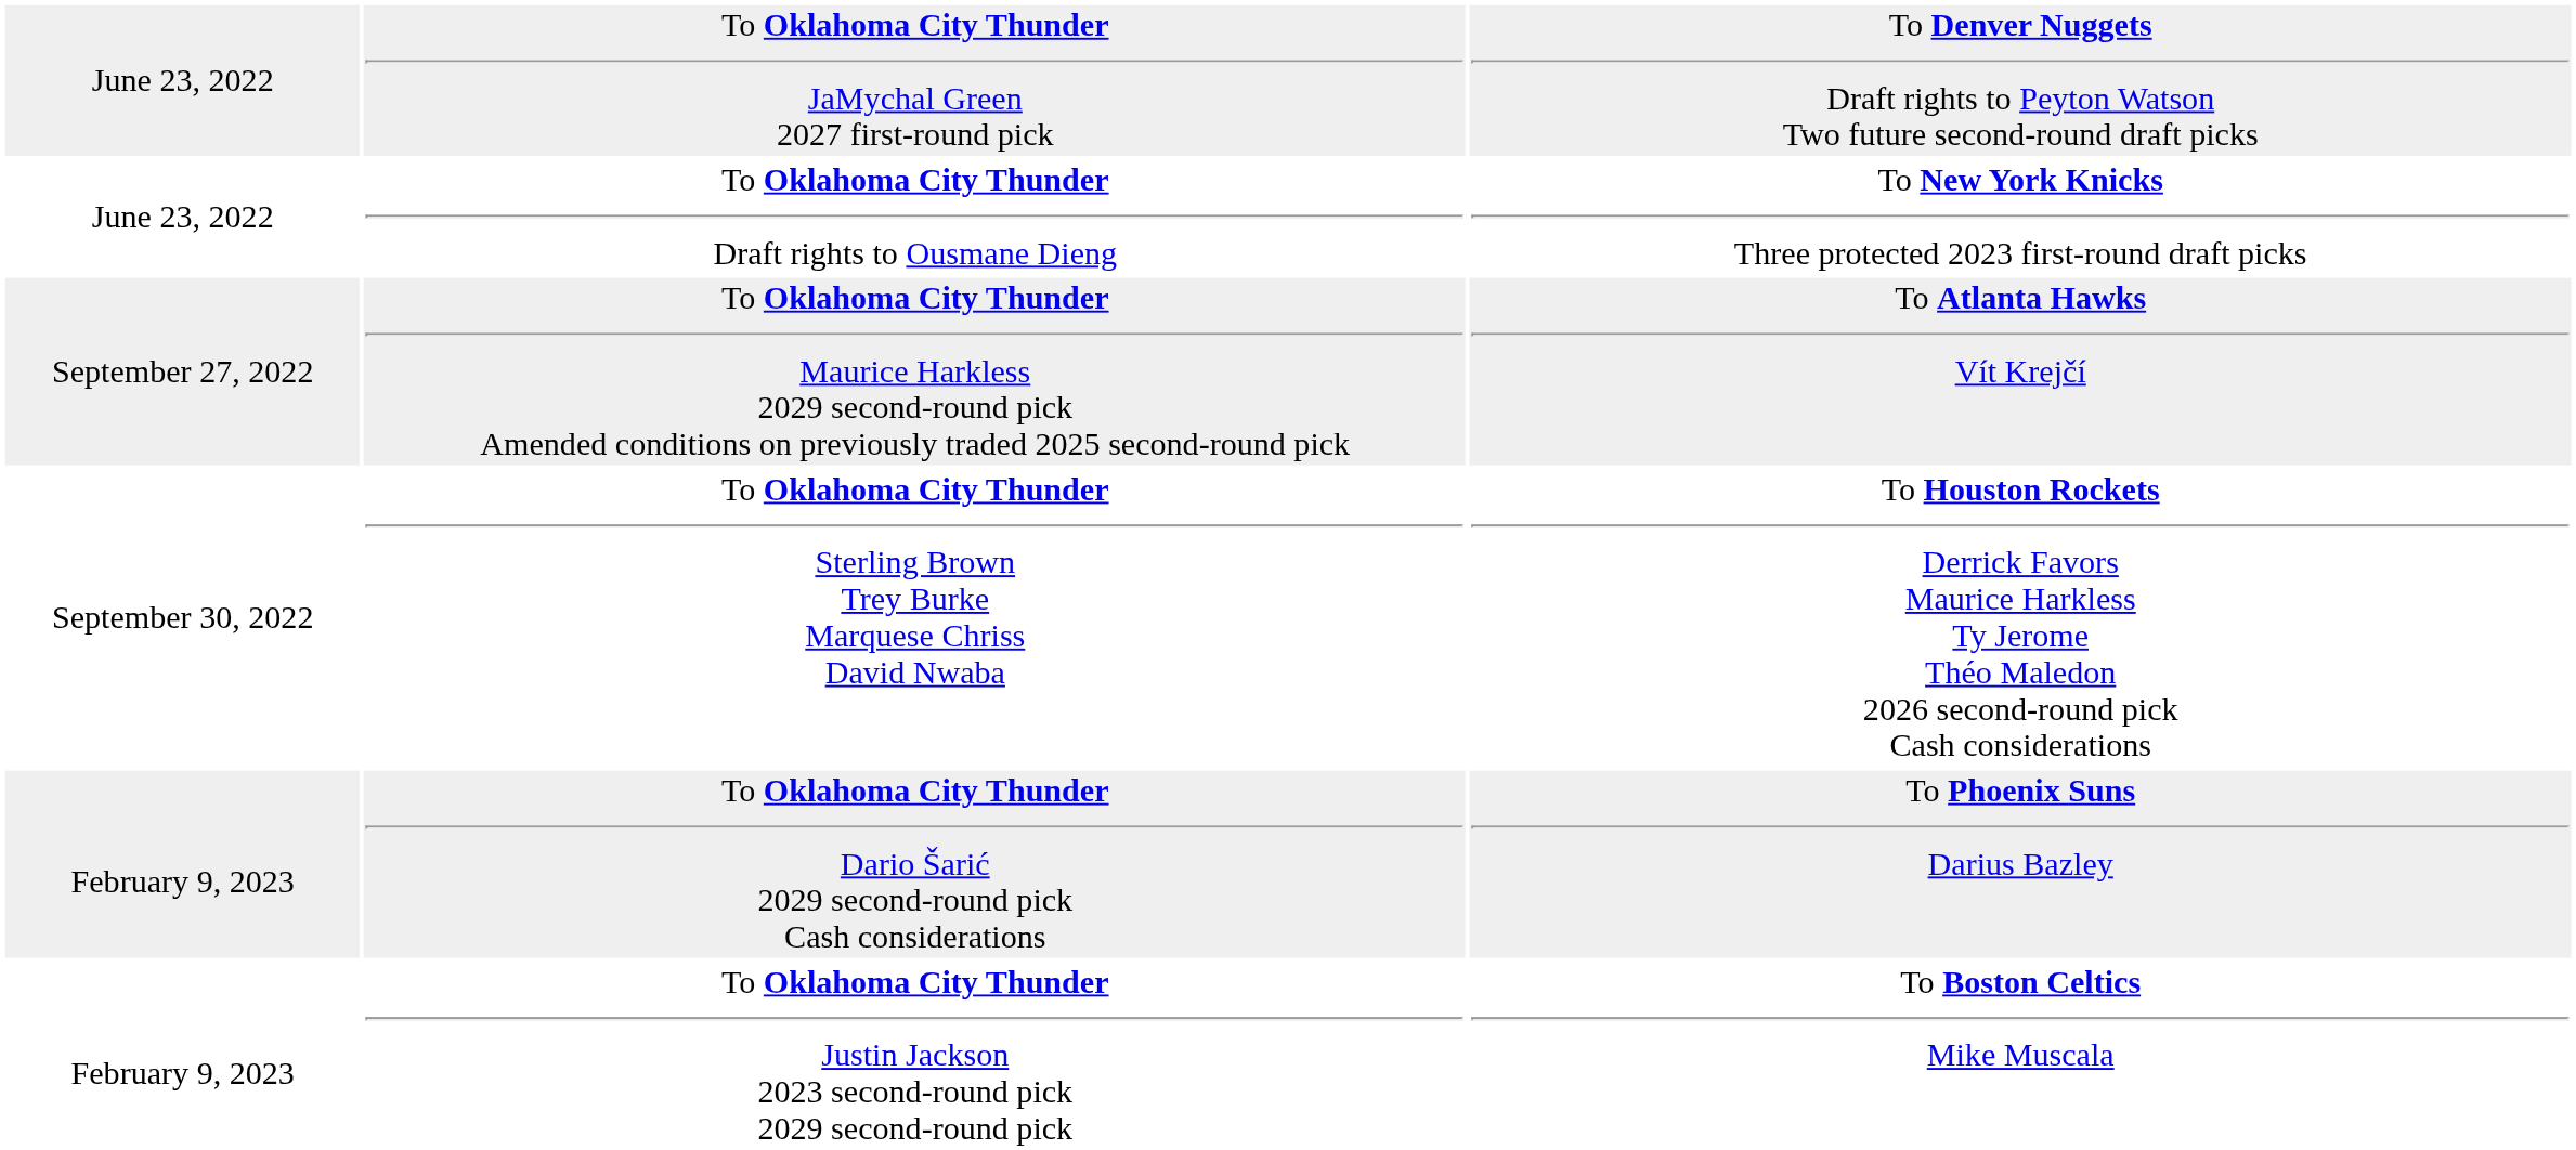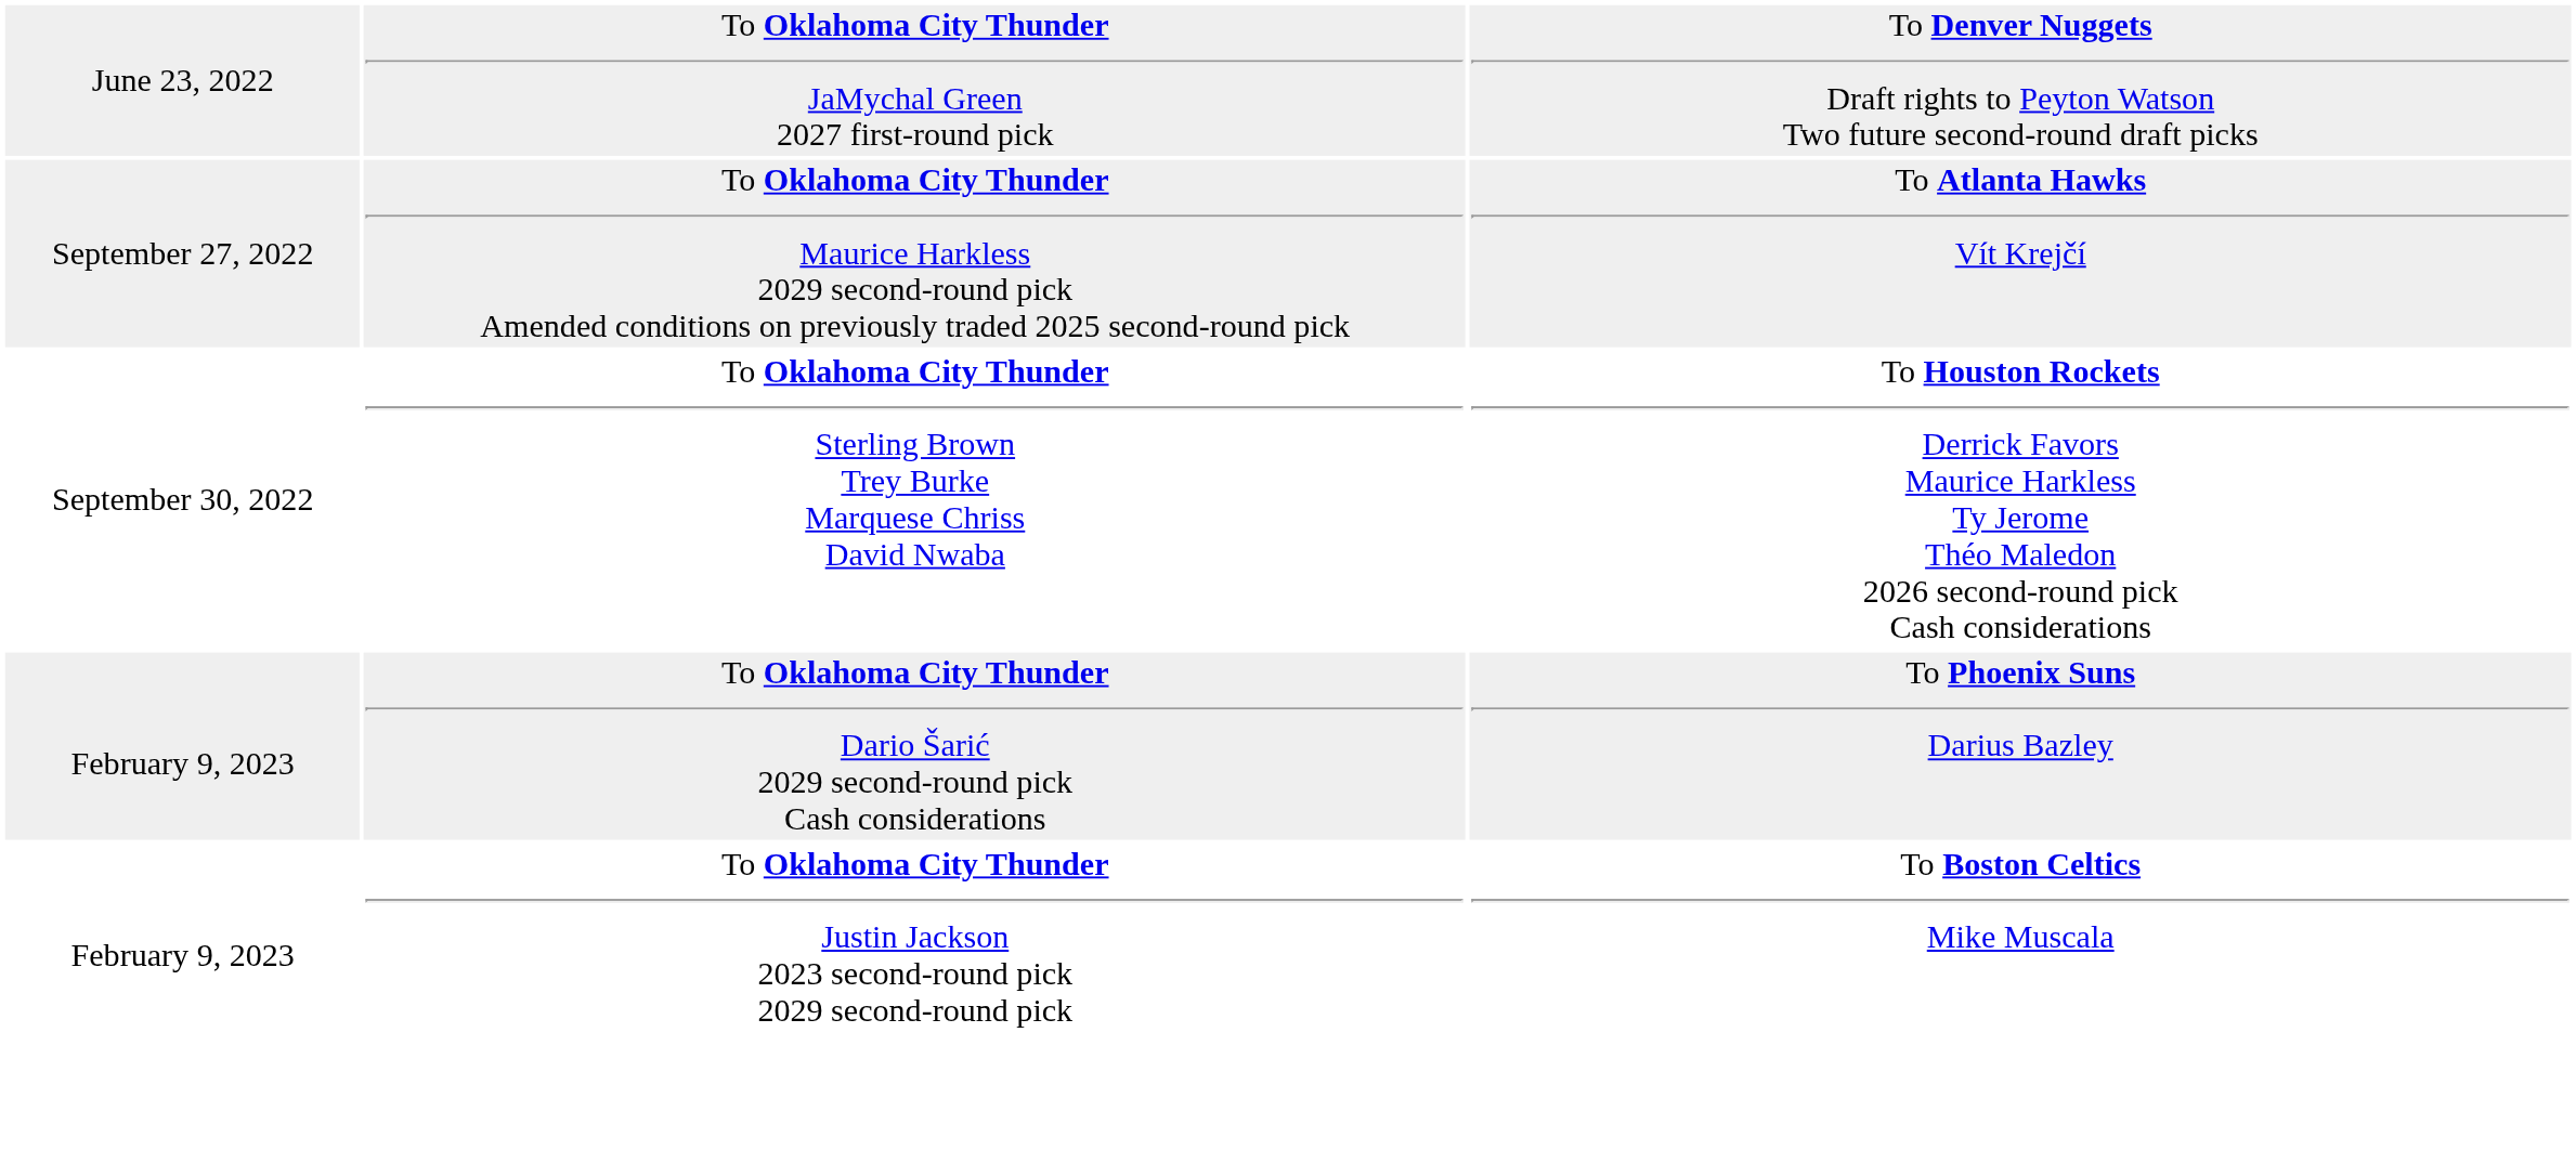 <table style="text-align: center">
 <tr style="background:#eeee">
 <td style="width:10%">June 23, 2022</td>
 <td style="width:31%; vertical-align:top;">To <strong><a href='#'>Oklahoma City Thunder</a></strong><hr><a href='#'>JaMychal Green</a><br>2027 first-round pick</td>
 <td style="width:31%; vertical-align:top;">To <strong><a href='#'>Denver Nuggets</a></strong><hr> Draft rights to <a href='#'>Peyton Watson</a><br> Two future second-round draft picks</td>
-</tr>
-<tr>
-<td style="width:10%">June 23, 2022</td>
-<td style="width:31%; vertical-align:top;">To <strong><a href='#'>Oklahoma City Thunder</a></strong><hr>Draft rights to <a href='#'>Ousmane Dieng</a></td>
-<td style="width:31%; vertical-align:top;">To <strong><a href='#'>New York Knicks</a></strong><hr> Three protected 2023 first-round draft picks</td>
 </tr>
 <tr style="background:#eeee">
 <td style="width:10%">September 27, 2022</td>
 <td style="width:31%; vertical-align:top;">To <strong><a href='#'>Oklahoma City Thunder</a></strong><hr><a href='#'>Maurice Harkless</a><br>2029 second-round pick<br>Amended conditions on previously traded 2025 second-round pick</td>
 <td style="width:31%; vertical-align:top;">To <strong><a href='#'>Atlanta Hawks</a></strong><hr> <a href='#'>Vít Krejčí</a></td>
 </tr>
 <tr>
 <td style="width:10%">September 30, 2022</td>
 <td style="width:31%; vertical-align:top;">To <strong><a href='#'>Oklahoma City Thunder</a></strong><hr><a href='#'>Sterling Brown</a><br><a href='#'>Trey Burke</a><br><a href='#'>Marquese Chriss</a><br><a href='#'>David Nwaba</a></td>
 <td style="width:31%; vertical-align:top;">To <strong><a href='#'>Houston Rockets</a></strong><hr><a href='#'>Derrick Favors</a><br><a href='#'>Maurice Harkless</a><br><a href='#'>Ty Jerome</a><br><a href='#'>Théo Maledon</a><br>2026 second-round pick<br>Cash considerations</td>
 </tr>
 <tr style="background:#eeee">
 <td style="width:10%"><br>February 9, 2023</td>
 <td style="width:31%; vertical-align:top;">To <strong><a href='#'>Oklahoma City Thunder</a></strong><hr><a href='#'>Dario Šarić</a><br>2029 second-round pick<br>Cash considerations</td>
 <td style="width:31%; vertical-align:top;">To <strong><a href='#'>Phoenix Suns</a></strong><hr> <a href='#'>Darius Bazley</a></td>
 </tr>
 <tr>
 <td style="width:10%"><br>February 9, 2023</td>
 <td style="width:31%; vertical-align:top;">To <strong><a href='#'>Oklahoma City Thunder</a></strong><hr><a href='#'>Justin Jackson</a><br>2023 second-round pick<br>2029 second-round pick</td>
 <td style="width:31%; vertical-align:top;">To <strong><a href='#'>Boston Celtics</a></strong><hr> <a href='#'>Mike Muscala</a></td>
 </tr>
 </table>
